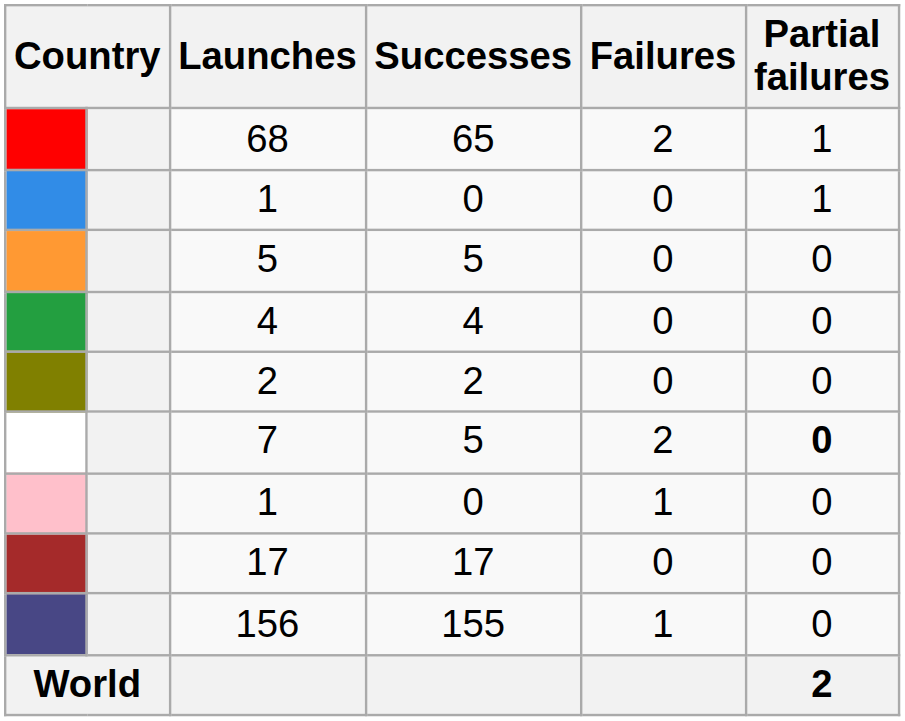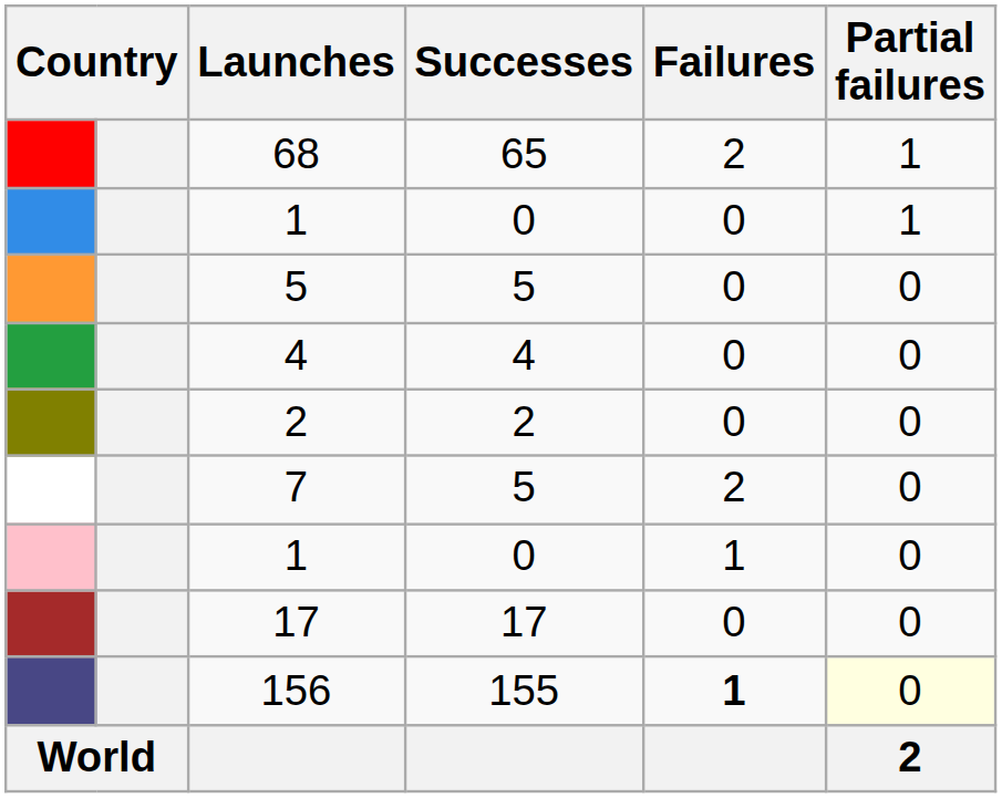 <table class="wikitable sortable" style="text-align:center;">
 <tr>
 <th colspan=2>Country</th>
 <th>Launches</th>
 <th>Successes</th>
 <th>Failures</th>
 <th>Partial <br> failures</th>
 </tr>
 <tr>
 <th style="background:#ff0000;"></th>
 <th style="text-align:left;"></th>
 <td>68</td>
 <td>65</td>
 <td>2</td>
 <td>1</td>
 </tr>
 <tr>
 <th style="background:#318ce7;"></th>
 <th style="text-align:left;"></th>
 <td>1</td>
 <td>0</td>
 <td>0</td>
 <td>1</td>
 </tr>
 <tr>
 <th style="background:#ff9933;"></th>
 <th style="text-align:left;"></th>
 <td>5</td>
 <td>5</td>
 <td>0</td>
 <td>0</td>
 </tr>
 <tr>
 <th style="background:#239f40;"></th>
 <th style="text-align:left;"></th>
 <td>4</td>
 <td>4</td>
 <td>0</td>
 <td>0</td>
 </tr>
 <tr>
 <th style="background:#808000;"></th>
 <th style="text-align:left;"></th>
 <td>2</td>
 <td>2</td>
 <td>0</td>
 <td>0</td>
 </tr>
 <tr>
 <th style="background:#ffffff;"></th>
 <th style="text-align:left;"></th>
 <td>7</td>
 <td>5</td>
 <td>2</td>
-<td><strong>0</strong></td>
+<td>0</td>
 </tr>
 <tr>
 <th style="background:#ffc0cb;"></th>
 <th style="text-align:left;"></th>
 <td>1</td>
 <td>0</td>
 <td>1</td>
 <td>0</td>
 </tr>
 <tr>
 <th style="background:#a52a2a;"></th>
 <th style="text-align:left;"></th>
 <td>17</td>
 <td>17</td>
 <td>0</td>
 <td>0</td>
 </tr>
 <tr>
 <th style="background:#484785;"></th>
 <th style="text-align:left;"></th>
 <td>156</td>
 <td>155</td>
-<td>1</td>
-<td>0</td>
+<td><strong>1</strong></td>
+<td style="background: lightyellow;">0</td>
 </tr>
 <tr class="sortbottom">
 <th colspan="2">World</th>
 <th></th>
 <th></th>
 <th></th>
 <th>2</th>
 </tr>
 </table>
